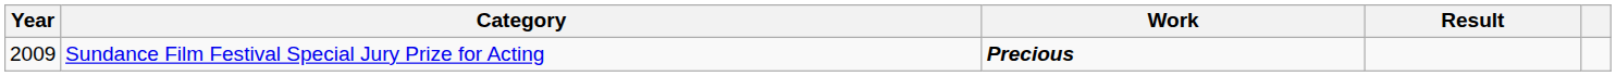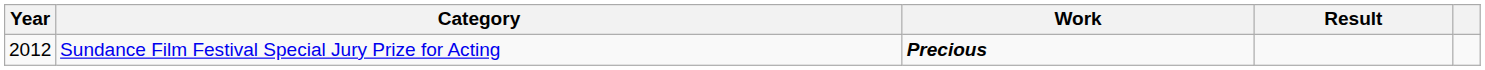 <table class="wikitable">
 <tr>
 <th scope="col" style="width:1em;">Year</th>
 <th scope="col" style="width:44em;">Category</th>
 <th scope="col" style="width:18em;">Work</th>
 <th scope="col" style="width:10em;">Result</th>
 <th class="unsortable" style="width:1em;"></th>
 </tr>
 <tr>
-<td>2009</td>
+<td>2012</td>
 <td><a href='#'>Sundance Film Festival Special Jury Prize for Acting</a></td>
 <td><strong><em>Precious</em></strong></td>
 <td></td>
 <td></td>
 </tr>
 </table>
